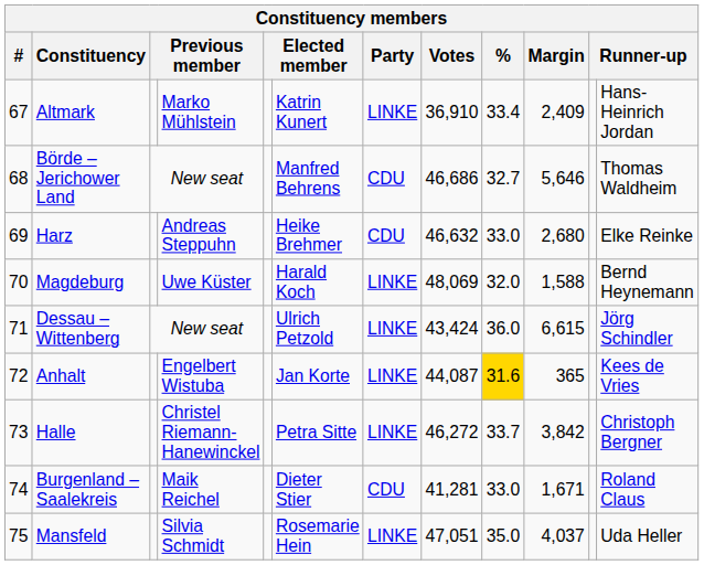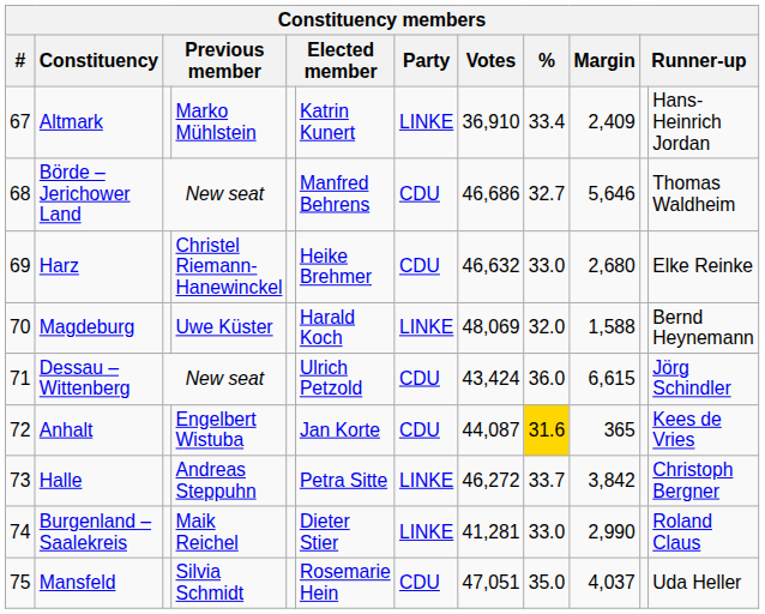 <table class="wikitable sortable" style="text-align:right">
 <tr>
 <th colspan="12">Constituency members</th>
 </tr>
 <tr>
 <th>#</th>
 <th>Constituency</th>
 <th colspan="2">Previous member</th>
 <th colspan="2">Elected member</th>
 <th>Party</th>
 <th>Votes</th>
 <th>%</th>
 <th>Margin</th>
 <th colspan="2">Runner-up</th>
 </tr>
 <tr>
 <td>67</td>
 <td align=left><a href='#'>Altmark</a></td>
 <td bgcolor=></td>
 <td align=left><a href='#'>Marko Mühlstein</a></td>
 <td></td>
 <td align=left><a href='#'>Katrin Kunert</a></td>
 <td align="left"><a href='#'>LINKE</a></td>
 <td>36,910</td>
 <td>33.4</td>
 <td>2,409</td>
 <td bgcolor=></td>
 <td align=left>Hans-Heinrich Jordan</td>
 </tr>
 <tr>
 <td>68</td>
 <td align=left><a href='#'>Börde – Jerichower Land</a></td>
 <td align=center colspan=2><em>New seat</em></td>
 <td bgcolor=></td>
 <td align=left><a href='#'>Manfred Behrens</a></td>
 <td align=left><a href='#'>CDU</a></td>
 <td>46,686</td>
 <td>32.7</td>
 <td>5,646</td>
 <td bgcolor=></td>
 <td align=left>Thomas Waldheim</td>
 </tr>
 <tr>
 <td>69</td>
 <td align=left><a href='#'>Harz</a></td>
 <td bgcolor=></td>
-<td align=left><a href='#'>Andreas Steppuhn</a></td>
+<td align=left><a href='#'>Christel Riemann-Hanewinckel</a></td>
 <td></td>
 <td align=left><a href='#'>Heike Brehmer</a></td>
 <td align=left><a href='#'>CDU</a></td>
 <td>46,632</td>
 <td>33.0</td>
 <td>2,680</td>
 <td bgcolor=></td>
 <td align=left>Elke Reinke</td>
 </tr>
 <tr>
 <td>70</td>
 <td align=left><a href='#'>Magdeburg</a></td>
 <td bgcolor=></td>
 <td align=left><a href='#'>Uwe Küster</a></td>
 <td></td>
 <td align=left><a href='#'>Harald Koch</a></td>
 <td align=left><a href='#'>LINKE</a></td>
 <td>48,069</td>
 <td>32.0</td>
 <td>1,588</td>
 <td bgcolor=></td>
 <td align=left>Bernd Heynemann</td>
 </tr>
 <tr>
 <td>71</td>
 <td align=left><a href='#'>Dessau – Wittenberg</a></td>
 <td align=center colspan=2><em>New seat</em></td>
 <td bgcolor=></td>
 <td align=left><a href='#'>Ulrich Petzold</a></td>
-<td align=left><a href='#'>LINKE</a></td>
+<td align="left"><a href='#'>CDU</a></td>
 <td>43,424</td>
 <td>36.0</td>
 <td>6,615</td>
 <td bgcolor=></td>
 <td align=left><a href='#'>Jörg Schindler</a></td>
 </tr>
 <tr>
 <td>72</td>
 <td align=left><a href='#'>Anhalt</a></td>
 <td bgcolor=></td>
 <td align=left><a href='#'>Engelbert Wistuba</a></td>
 <td></td>
 <td align=left><a href='#'>Jan Korte</a></td>
-<td align=left><a href='#'>LINKE</a></td>
+<td align=left><a href='#'>CDU</a></td>
 <td>44,087</td>
 <td style="background: gold;">31.6</td>
 <td>365</td>
 <td bgcolor=></td>
 <td align=left><a href='#'>Kees de Vries</a></td>
 </tr>
 <tr>
 <td>73</td>
 <td align=left><a href='#'>Halle</a></td>
 <td bgcolor=></td>
-<td align=left><a href='#'>Christel Riemann-Hanewinckel</a></td>
+<td align=left><a href='#'>Andreas Steppuhn</a></td>
 <td></td>
 <td align=left><a href='#'>Petra Sitte</a></td>
 <td align=left><a href='#'>LINKE</a></td>
 <td>46,272</td>
 <td>33.7</td>
 <td>3,842</td>
 <td bgcolor=></td>
 <td align=left><a href='#'>Christoph Bergner</a></td>
 </tr>
 <tr>
 <td>74</td>
 <td align=left><a href='#'>Burgenland – Saalekreis</a></td>
 <td bgcolor=></td>
 <td align=left><a href='#'>Maik Reichel</a></td>
 <td></td>
 <td align=left><a href='#'>Dieter Stier</a></td>
-<td align=left><a href='#'>CDU</a></td>
+<td align=left><a href='#'>LINKE</a></td>
 <td>41,281</td>
 <td>33.0</td>
-<td>1,671</td>
+<td>2,990</td>
 <td bgcolor=></td>
 <td align=left><a href='#'>Roland Claus</a></td>
 </tr>
 <tr>
 <td>75</td>
 <td align=left><a href='#'>Mansfeld</a></td>
 <td bgcolor=></td>
 <td align=left><a href='#'>Silvia Schmidt</a></td>
 <td></td>
 <td align=left><a href='#'>Rosemarie Hein</a></td>
-<td align=left><a href='#'>LINKE</a></td>
+<td align=left><a href='#'>CDU</a></td>
 <td>47,051</td>
 <td>35.0</td>
 <td>4,037</td>
 <td bgcolor=></td>
 <td align=left>Uda Heller</td>
 </tr>
 </table>
